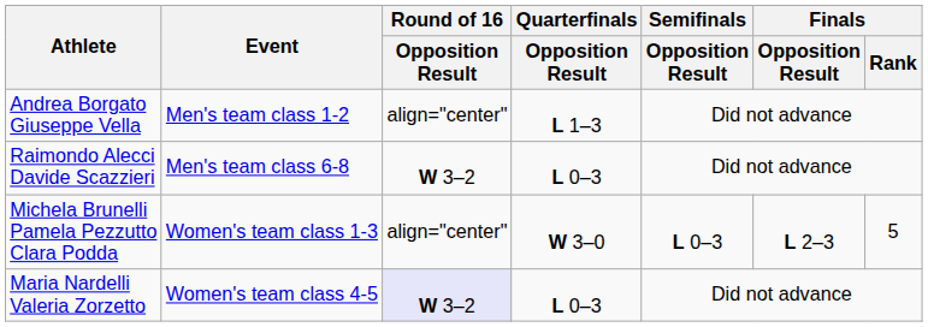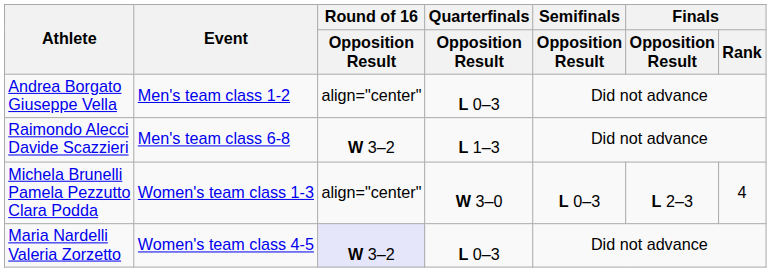 <table class=wikitable>
 <tr>
 <th rowspan="2">Athlete</th>
 <th rowspan="2">Event</th>
 <th>Round of 16</th>
 <th>Quarterfinals</th>
 <th>Semifinals</th>
 <th colspan="2">Finals</th>
 </tr>
 <tr>
 <th>Opposition<br>Result</th>
 <th>Opposition<br>Result</th>
 <th>Opposition<br>Result</th>
 <th>Opposition<br>Result</th>
 <th>Rank</th>
 </tr>
 <tr>
 <td><a href='#'>Andrea Borgato</a><br><a href='#'>Giuseppe Vella</a></td>
 <td><a href='#'>Men's team class 1-2</a></td>
 <td>align="center" </td>
-<td align="center"><br><strong>L</strong> 1–3</td>
+<td align="center"><br><strong>L</strong> 0–3</td>
 <td align="center" colspan="3">Did not advance</td>
 </tr>
 <tr>
 <td><a href='#'>Raimondo Alecci</a><br><a href='#'>Davide Scazzieri</a></td>
 <td><a href='#'>Men's team class 6-8</a></td>
 <td align="center"><br><strong>W</strong> 3–2</td>
-<td align="center"><br><strong>L</strong> 0–3</td>
+<td align="center"><br><strong>L</strong> 1–3</td>
 <td align="center" colspan="3">Did not advance</td>
 </tr>
 <tr>
 <td><a href='#'>Michela Brunelli</a><br><a href='#'>Pamela Pezzutto</a><br><a href='#'>Clara Podda</a></td>
 <td><a href='#'>Women's team class 1-3</a></td>
 <td>align="center" </td>
 <td align="center"><br><strong>W</strong> 3–0</td>
 <td align="center"><br><strong>L</strong> 0–3</td>
 <td align="center"><br><strong>L</strong> 2–3</td>
-<td align="center">5</td>
+<td align="center">4</td>
 </tr>
 <tr>
 <td><a href='#'>Maria Nardelli</a><br><a href='#'>Valeria Zorzetto</a></td>
 <td><a href='#'>Women's team class 4-5</a></td>
 <td align="center" style="background: lavender;"><br><strong>W</strong> 3–2</td>
 <td align="center"><br><strong>L</strong> 0–3</td>
 <td align="center" colspan="3">Did not advance</td>
 </tr>
 </table>
